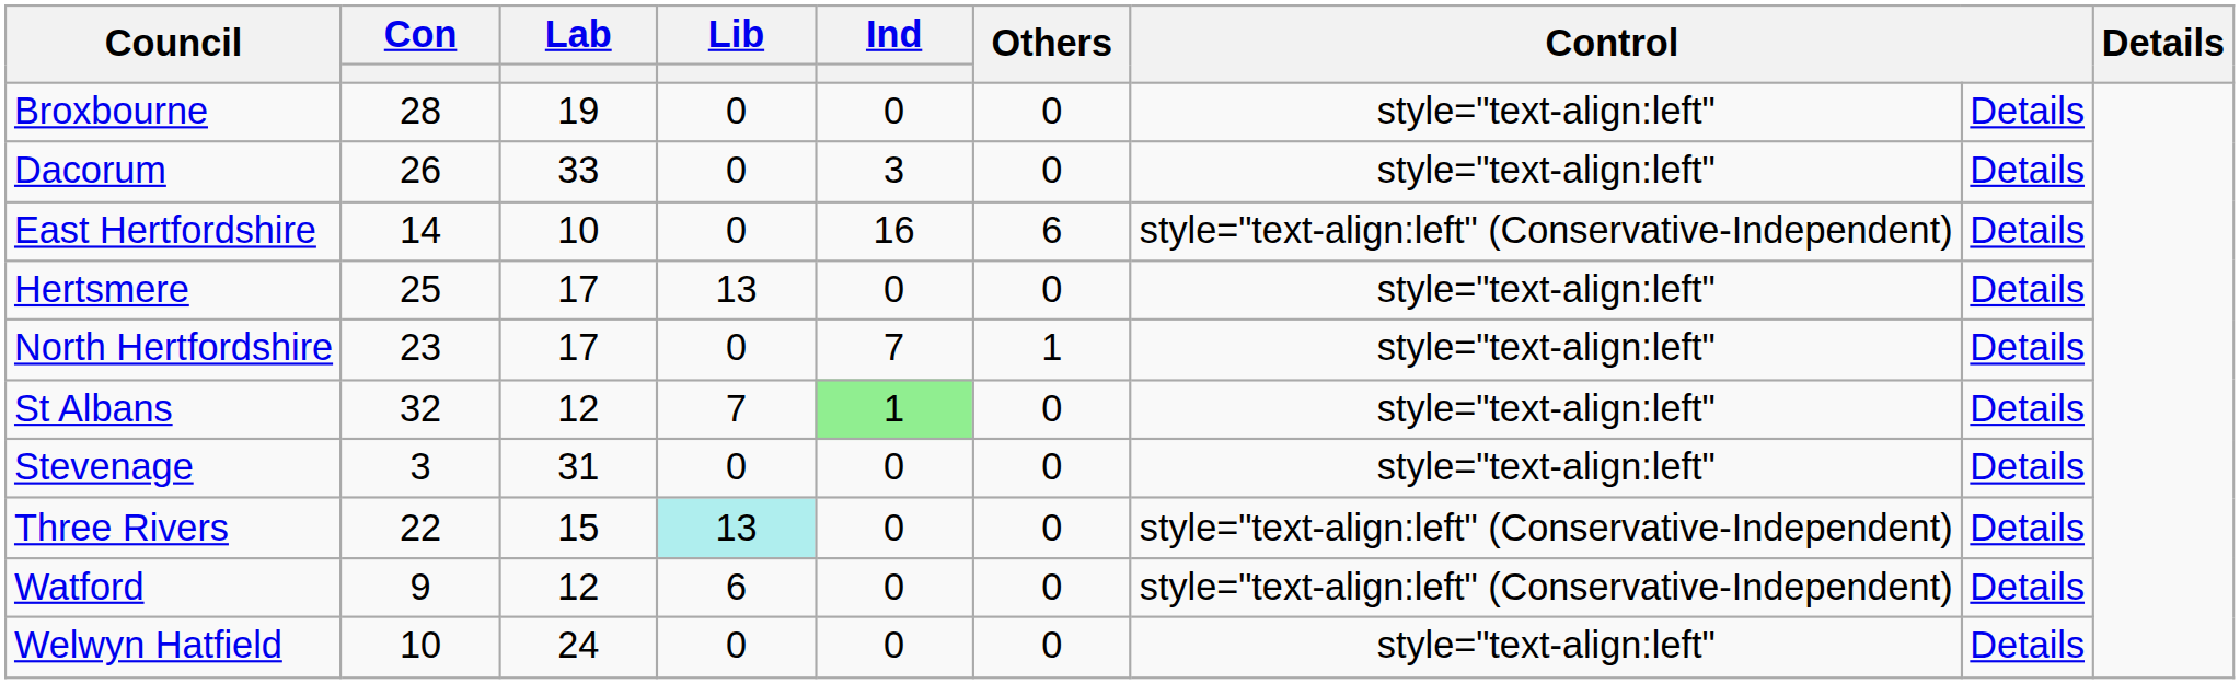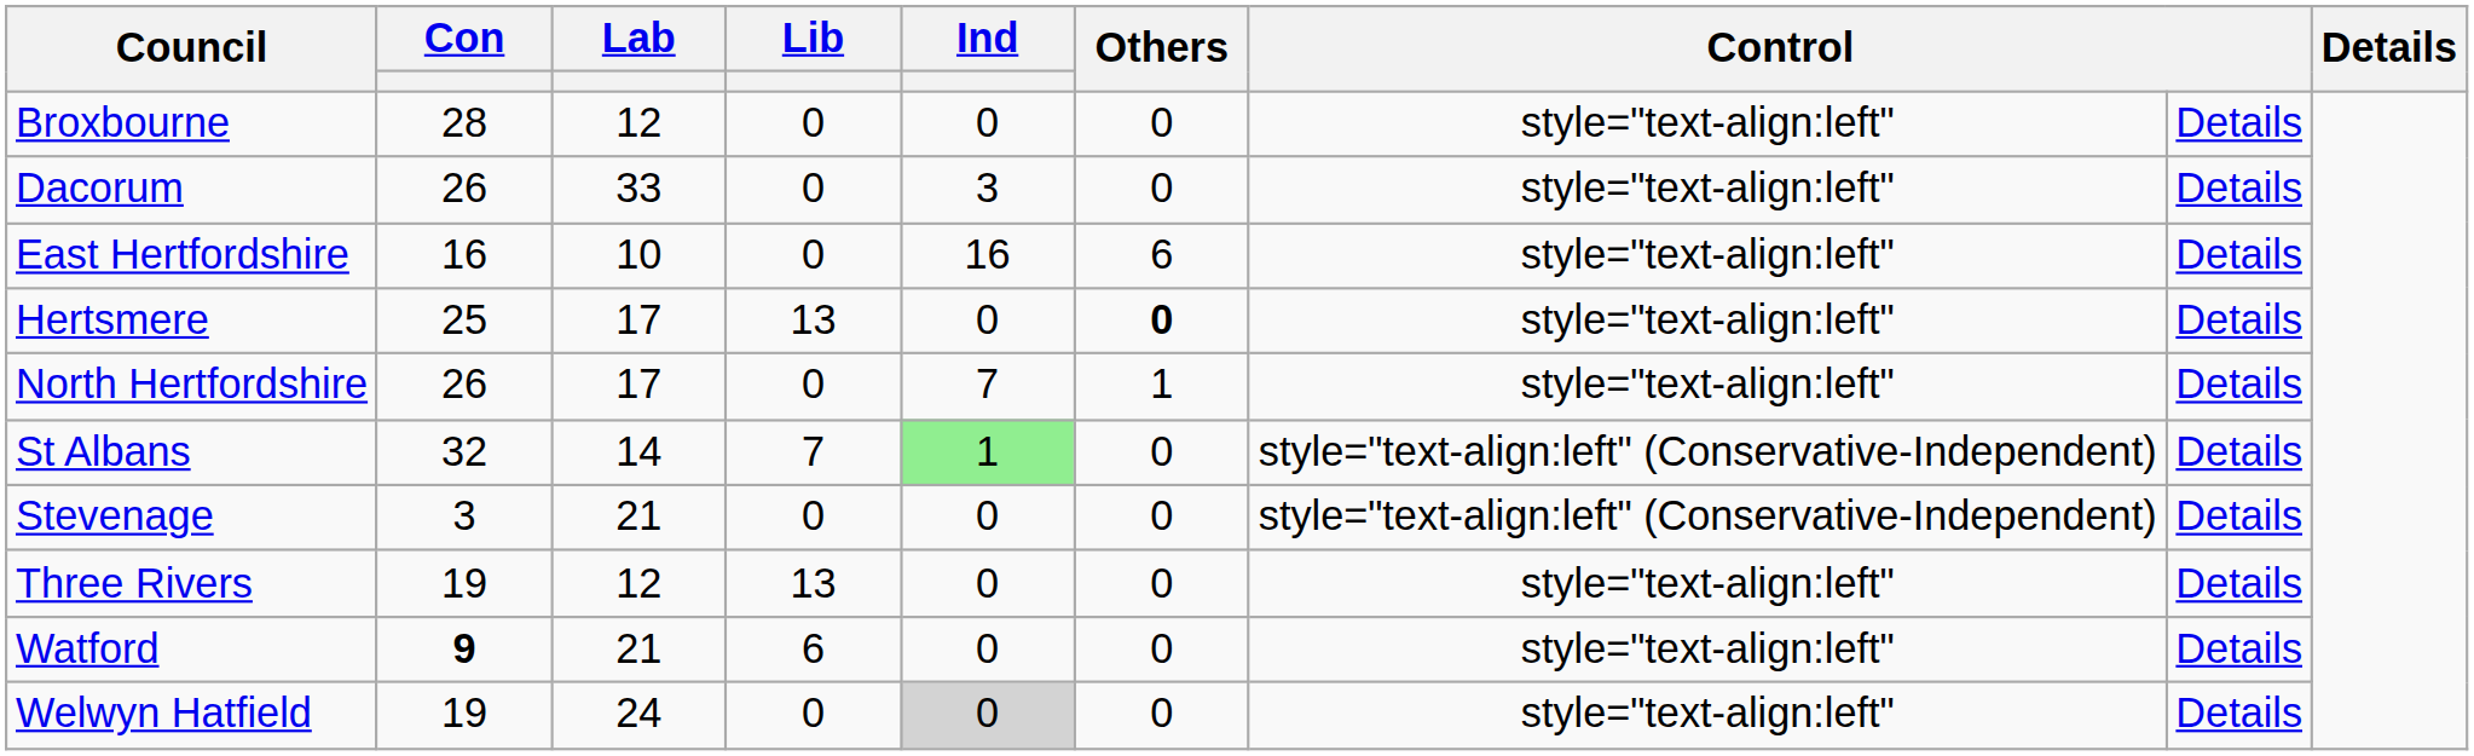 <table class="wikitable" style="text-align:center;">
 <tr>
 <th rowspan=2>Council</th>
 <th style="width:60px;"><a href='#'>Con</a></th>
 <th style="width:60px;"><a href='#'>Lab</a></th>
 <th style="width:60px;"><a href='#'>Lib</a></th>
 <th style="width:60px;"><a href='#'>Ind</a></th>
 <th style="width:60px;" rowspan=2>Others</th>
 <th rowspan=2 colspan=2>Control</th>
 <th rowspan=2>Details</th>
 </tr>
 <tr>
 <th style="background:"></th>
 <th style="background:"></th>
 <th style="background:"></th>
 <th style="background:"></th>
 </tr>
 <tr>
 <td style="text-align:left"><a href='#'>Broxbourne</a></td>
 <td>28</td>
-<td>19</td>
+<td>12</td>
 <td>0</td>
 <td>0</td>
 <td>0</td>
 <td>style="text-align:left" </td>
 <td style="text-align:left"><a href='#'>Details</a></td>
 </tr>
 <tr>
 <td style="text-align:left"><a href='#'>Dacorum</a></td>
 <td>26</td>
 <td>33</td>
 <td>0</td>
 <td>3</td>
 <td>0</td>
 <td>style="text-align:left" </td>
 <td style="text-align:left"><a href='#'>Details</a></td>
 </tr>
 <tr>
 <td style="text-align:left"><a href='#'>East Hertfordshire</a></td>
-<td>14</td>
+<td>16</td>
 <td>10</td>
 <td>0</td>
 <td>16</td>
 <td>6</td>
-<td>style="text-align:left"  (Conservative-Independent)</td>
+<td>style="text-align:left" </td>
 <td style="text-align:left"><a href='#'>Details</a></td>
 </tr>
 <tr>
 <td style="text-align:left"><a href='#'>Hertsmere</a></td>
 <td>25</td>
 <td>17</td>
 <td>13</td>
 <td>0</td>
-<td>0</td>
+<td><strong>0</strong></td>
 <td>style="text-align:left" </td>
 <td style="text-align:left"><a href='#'>Details</a></td>
 </tr>
 <tr>
 <td style="text-align:left"><a href='#'>North Hertfordshire</a></td>
-<td>23</td>
+<td>26</td>
 <td>17</td>
 <td>0</td>
 <td>7</td>
 <td>1</td>
 <td>style="text-align:left" </td>
 <td style="text-align:left"><a href='#'>Details</a></td>
 </tr>
 <tr>
 <td style="text-align:left"><a href='#'>St Albans</a></td>
 <td>32</td>
-<td>12</td>
+<td>14</td>
 <td>7</td>
 <td style="background: lightgreen;">1</td>
 <td>0</td>
-<td>style="text-align:left" </td>
+<td>style="text-align:left"  (Conservative-Independent)</td>
 <td style="text-align:left"><a href='#'>Details</a></td>
 </tr>
 <tr>
 <td style="text-align:left"><a href='#'>Stevenage</a></td>
 <td>3</td>
-<td>31</td>
+<td>21</td>
 <td>0</td>
+<td>0</td>
+<td>0</td>
+<td>style="text-align:left"  (Conservative-Independent)</td>
+<td style="text-align:left"><a href='#'>Details</a></td>
+</tr>
+<tr>
+<td style="text-align:left"><a href='#'>Three Rivers</a></td>
+<td>19</td>
+<td>12</td>
+<td>13</td>
 <td>0</td>
 <td>0</td>
 <td>style="text-align:left" </td>
 <td style="text-align:left"><a href='#'>Details</a></td>
 </tr>
 <tr>
-<td style="text-align:left"><a href='#'>Three Rivers</a></td>
-<td>22</td>
-<td>15</td>
-<td style="background: paleturquoise;">13</td>
-<td>0</td>
-<td>0</td>
-<td>style="text-align:left"  (Conservative-Independent)</td>
-<td style="text-align:left"><a href='#'>Details</a></td>
-</tr>
-<tr>
 <td style="text-align:left"><a href='#'>Watford</a></td>
-<td>9</td>
-<td>12</td>
+<td><strong>9</strong></td>
+<td>21</td>
 <td>6</td>
-<td>0</td>
-<td>0</td>
-<td>style="text-align:left"  (Conservative-Independent)</td>
-<td style="text-align:left"><a href='#'>Details</a></td>
-</tr>
-<tr>
-<td style="text-align:left"><a href='#'>Welwyn Hatfield</a></td>
-<td>10</td>
-<td>24</td>
-<td>0</td>
 <td>0</td>
 <td>0</td>
 <td>style="text-align:left" </td>
 <td style="text-align:left"><a href='#'>Details</a></td>
 </tr>
+<tr>
+<td style="text-align:left"><a href='#'>Welwyn Hatfield</a></td>
+<td>19</td>
+<td>24</td>
+<td>0</td>
+<td style="background: lightgrey;">0</td>
+<td>0</td>
+<td>style="text-align:left" </td>
+<td style="text-align:left"><a href='#'>Details</a></td>
+</tr>
 </table>
